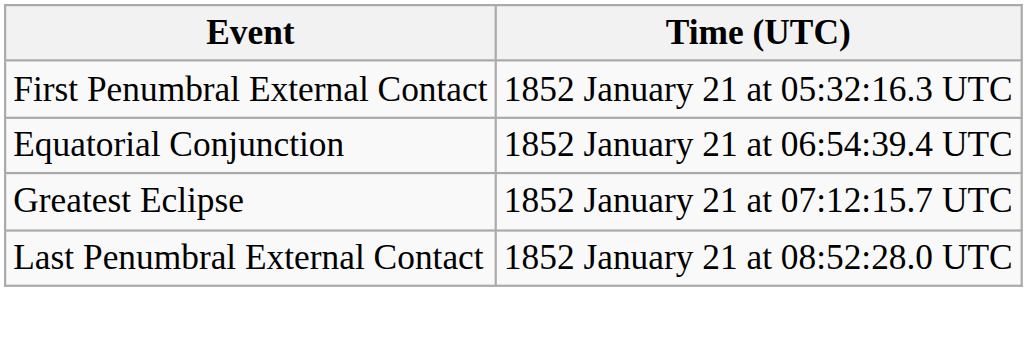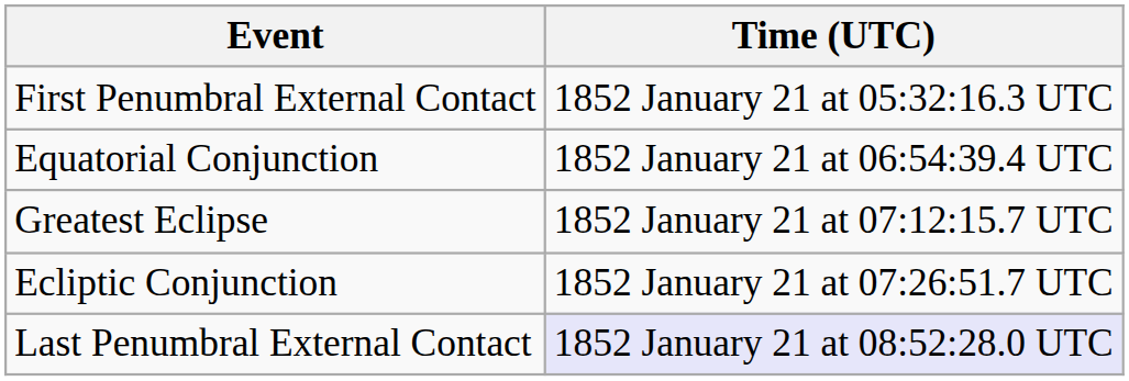 <table class="wikitable">
 <tr>
 <th>Event</th>
 <th>Time (UTC)</th>
 </tr>
 <tr>
 <td>First Penumbral External Contact</td>
 <td>1852 January 21 at 05:32:16.3 UTC</td>
 </tr>
 <tr>
 <td>Equatorial Conjunction</td>
 <td>1852 January 21 at 06:54:39.4 UTC</td>
 </tr>
 <tr>
 <td>Greatest Eclipse</td>
 <td>1852 January 21 at 07:12:15.7 UTC</td>
 </tr>
 <tr>
+<td>Ecliptic Conjunction</td>
+<td>1852 January 21 at 07:26:51.7 UTC</td>
+</tr>
+<tr>
 <td>Last Penumbral External Contact</td>
-<td>1852 January 21 at 08:52:28.0 UTC</td>
+<td style="background: lavender;">1852 January 21 at 08:52:28.0 UTC</td>
 </tr>
 </table>
